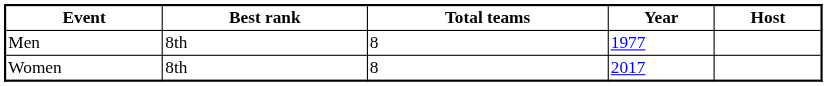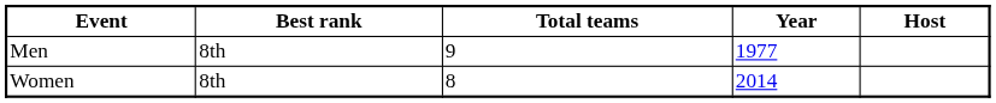 <table class="sortable" style="border-collapse: collapse; border: 2px #000000 solid; font-size: x-big; font-family: verdana" width="60%" cellspacing="0" cellpadding="2" border="1">
 <tr bgcolor="FFFFFF" align="center">
 <th>Event</th>
 <th>Best rank</th>
 <th>Total teams</th>
 <th>Year</th>
 <th>Host</th>
 </tr>
 <tr>
 <td>Men</td>
 <td>8th</td>
-<td>8</td>
+<td>9</td>
 <td><a href='#'>1977</a></td>
 <td></td>
 </tr>
 <tr>
 <td>Women</td>
 <td>8th</td>
 <td>8</td>
-<td><a href='#'>2017</a></td>
+<td><a href='#'>2014</a></td>
 <td></td>
 </tr>
 </table>
